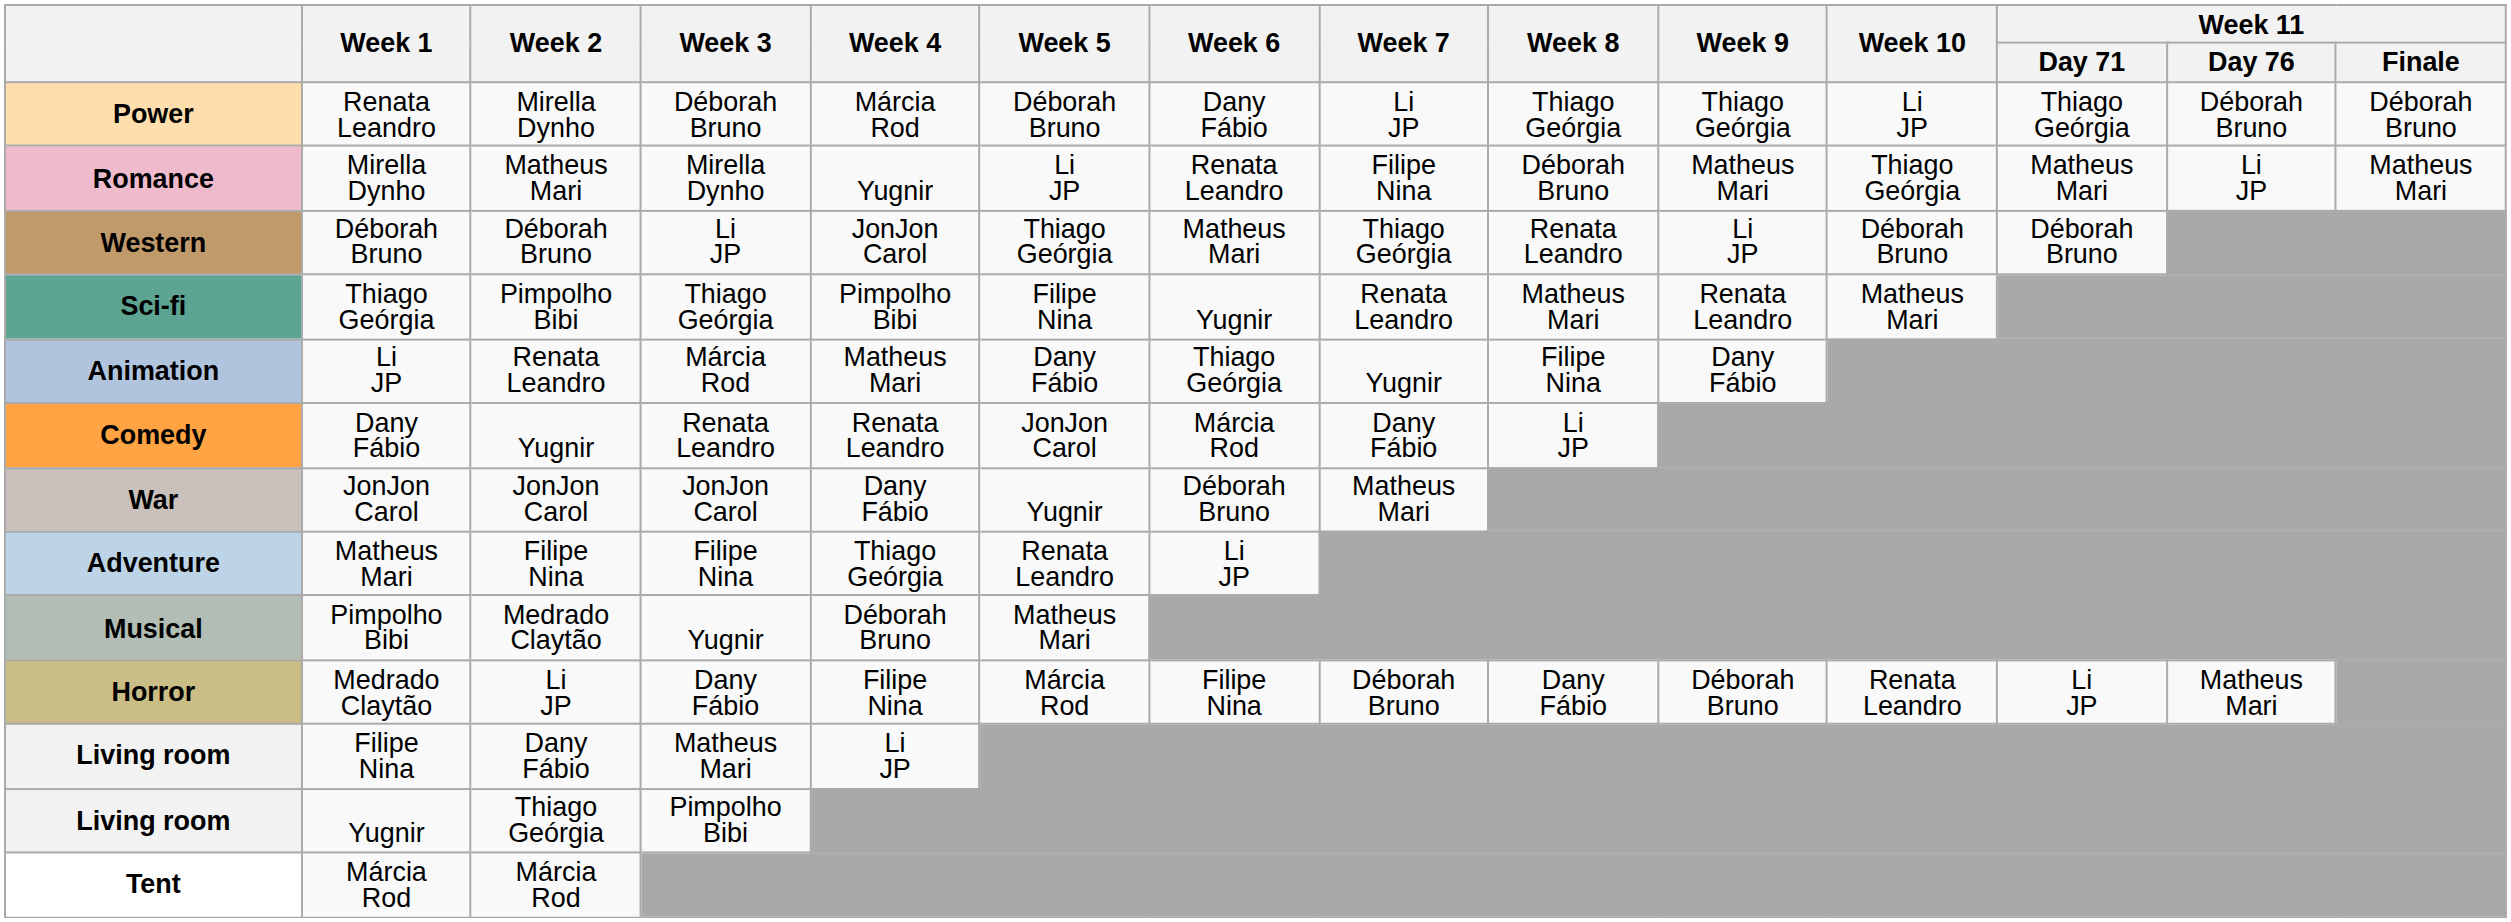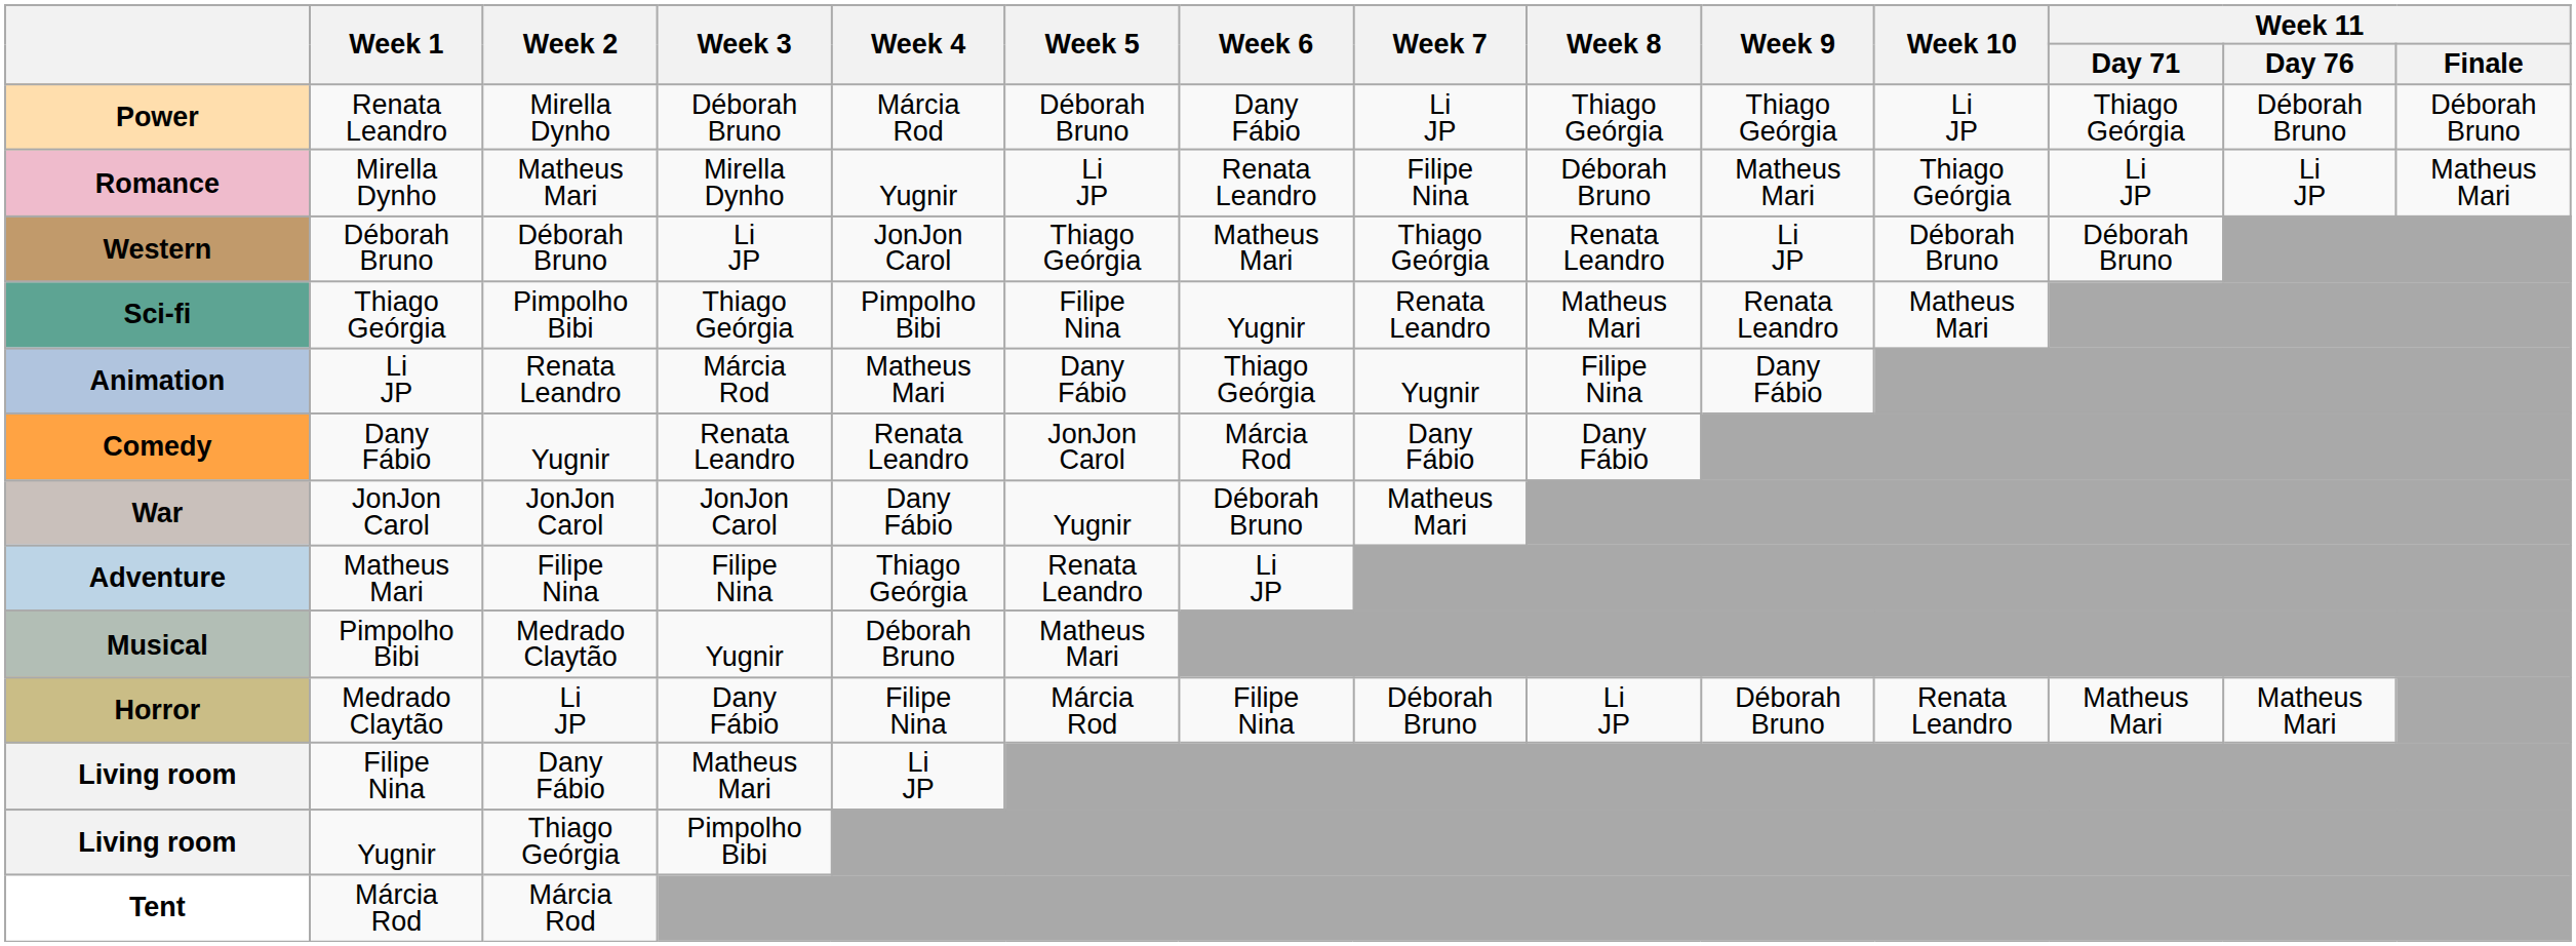 <table class="wikitable" style="text-align:center; font-size:85%; width:100%; line-height:13px;">
 <tr>
 <th rowspan=2 style="width:10.5%"></th>
 <th rowspan=2 style="width:06.0%">Week 1</th>
 <th rowspan=2 style="width:06.0%">Week 2</th>
 <th rowspan=2 style="width:06.0%">Week 3</th>
 <th rowspan=2 style="width:06.0%">Week 4</th>
 <th rowspan=2 style="width:06.0%">Week 5</th>
 <th rowspan=2 style="width:06.0%">Week 6</th>
 <th rowspan=2 style="width:06.0%">Week 7</th>
 <th rowspan=2 style="width:06.0%">Week 8</th>
 <th rowspan=2 style="width:06.0%">Week 9</th>
 <th rowspan=2 style="width:06.0%">Week 10</th>
 <th colspan=3 style="width:18.0%">Week 11</th>
 </tr>
 <tr>
 <th style="width:06.0%">Day 71</th>
 <th style="width:06.0%">Day 76</th>
 <th style="width:06.0%">Finale</th>
 </tr>
 <tr>
 <td bgcolor=FFDEAD><strong>Power<br></strong></td>
 <td>Renata<br>Leandro</td>
 <td>Mirella<br>Dynho</td>
 <td>Déborah<br>Bruno</td>
 <td>Márcia<br>Rod</td>
 <td>Déborah<br>Bruno</td>
 <td>Dany<br>Fábio</td>
 <td>Li<br>JP</td>
 <td>Thiago<br>Geórgia</td>
 <td>Thiago<br>Geórgia</td>
 <td>Li<br>JP</td>
 <td>Thiago<br>Geórgia</td>
 <td>Déborah<br>Bruno</td>
 <td>Déborah<br>Bruno</td>
 </tr>
 <tr>
 <td bgcolor=EFBBCC><strong>Romance<br></strong></td>
 <td>Mirella<br>Dynho</td>
 <td>Matheus<br>Mari</td>
 <td>Mirella<br>Dynho</td>
 <td><br>Yugnir</td>
 <td>Li<br>JP</td>
 <td>Renata<br>Leandro</td>
 <td>Filipe<br>Nina</td>
 <td>Déborah<br>Bruno</td>
 <td>Matheus<br>Mari</td>
 <td>Thiago<br>Geórgia</td>
-<td>Matheus<br>Mari</td>
+<td>Li<br>JP</td>
 <td>Li<br>JP</td>
 <td>Matheus<br>Mari</td>
 </tr>
 <tr>
 <td bgcolor=C19A6B><strong>Western<br></strong></td>
 <td>Déborah<br>Bruno</td>
 <td>Déborah<br>Bruno</td>
 <td>Li<br>JP</td>
 <td>JonJon<br>Carol</td>
 <td>Thiago<br>Geórgia</td>
 <td>Matheus<br>Mari</td>
 <td>Thiago<br>Geórgia</td>
 <td>Renata<br>Leandro</td>
 <td>Li<br>JP</td>
 <td>Déborah<br>Bruno</td>
 <td>Déborah<br>Bruno</td>
 <td colspan="2" bgcolor="A9A9A9"></td>
 </tr>
 <tr>
 <td bgcolor=5DA493><strong>Sci-fi<br></strong></td>
 <td>Thiago<br>Geórgia</td>
 <td>Pimpolho<br>Bibi</td>
 <td>Thiago<br>Geórgia</td>
 <td>Pimpolho<br>Bibi</td>
 <td>Filipe<br>Nina</td>
 <td><br>Yugnir</td>
 <td>Renata<br>Leandro</td>
 <td>Matheus<br>Mari</td>
 <td>Renata<br>Leandro</td>
 <td>Matheus<br>Mari</td>
 <td colspan="3" bgcolor="A9A9A9"></td>
 </tr>
 <tr>
 <td bgcolor=B0C4DE><strong>Animation</strong></td>
 <td>Li<br>JP</td>
 <td>Renata<br>Leandro</td>
 <td>Márcia<br>Rod</td>
 <td>Matheus<br>Mari</td>
 <td>Dany<br>Fábio</td>
 <td>Thiago<br>Geórgia</td>
 <td><br>Yugnir</td>
 <td>Filipe<br>Nina</td>
 <td>Dany<br>Fábio</td>
 <td colspan="4" bgcolor="A9A9A9"></td>
 </tr>
 <tr>
 <td bgcolor=FFA343><strong>Comedy<br></strong></td>
 <td>Dany<br>Fábio</td>
 <td><br>Yugnir</td>
 <td>Renata<br>Leandro</td>
 <td>Renata<br>Leandro</td>
 <td>JonJon<br>Carol</td>
 <td>Márcia<br>Rod</td>
 <td>Dany<br>Fábio</td>
-<td>Li<br>JP</td>
+<td>Dany<br>Fábio</td>
 <td colspan="5" bgcolor="A9A9A9"></td>
 </tr>
 <tr>
 <td bgcolor=C9C0BB><strong>War</strong></td>
 <td>JonJon<br>Carol</td>
 <td>JonJon<br>Carol</td>
 <td>JonJon<br>Carol</td>
 <td>Dany<br>Fábio</td>
 <td><br>Yugnir</td>
 <td>Déborah<br>Bruno</td>
 <td>Matheus<br>Mari</td>
 <td colspan="6" bgcolor="A9A9A9"></td>
 </tr>
 <tr>
 <td bgcolor=BCD4E6><strong>Adventure</strong></td>
 <td>Matheus<br>Mari</td>
 <td>Filipe<br>Nina</td>
 <td>Filipe<br>Nina</td>
 <td>Thiago<br>Geórgia</td>
 <td>Renata<br>Leandro</td>
 <td>Li<br>JP</td>
 <td colspan="7" bgcolor="A9A9A9"></td>
 </tr>
 <tr>
 <td bgcolor=B2BEB5><strong>Musical</strong></td>
 <td>Pimpolho<br>Bibi</td>
 <td>Medrado<br>Claytão</td>
 <td><br>Yugnir</td>
 <td>Déborah<br>Bruno</td>
 <td>Matheus<br>Mari</td>
 <td colspan="8" bgcolor="A9A9A9"></td>
 </tr>
 <tr>
 <td bgcolor=CABD86><strong>Horror<br></strong></td>
 <td>Medrado<br>Claytão</td>
 <td>Li<br>JP</td>
 <td>Dany<br>Fábio</td>
 <td>Filipe<br>Nina</td>
 <td>Márcia<br>Rod</td>
 <td>Filipe<br>Nina</td>
 <td>Déborah<br>Bruno</td>
-<td>Dany<br>Fábio</td>
+<td>Li<br>JP</td>
 <td>Déborah<br>Bruno</td>
 <td>Renata<br>Leandro</td>
-<td>Li<br>JP</td>
+<td>Matheus<br>Mari</td>
 <td>Matheus<br>Mari</td>
 <td bgcolor="A9A9A9"></td>
 </tr>
 <tr>
 <th>Living room</th>
 <td>Filipe<br>Nina</td>
 <td>Dany<br>Fábio</td>
 <td>Matheus<br>Mari</td>
 <td>Li<br>JP</td>
 <td colspan="9" bgcolor="A9A9A9"></td>
 </tr>
 <tr>
 <th>Living room</th>
 <td><br>Yugnir</td>
 <td>Thiago<br>Geórgia</td>
 <td>Pimpolho<br>Bibi</td>
 <td colspan="10" bgcolor="A9A9A9"></td>
 </tr>
 <tr>
 <td bgcolor=FFFFFF><strong>Tent</strong></td>
 <td>Márcia<br>Rod</td>
 <td>Márcia<br>Rod</td>
 <td colspan="11" bgcolor="A9A9A9"></td>
 </tr>
 </table>
